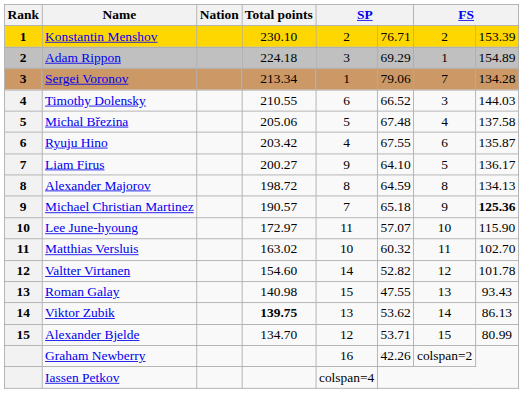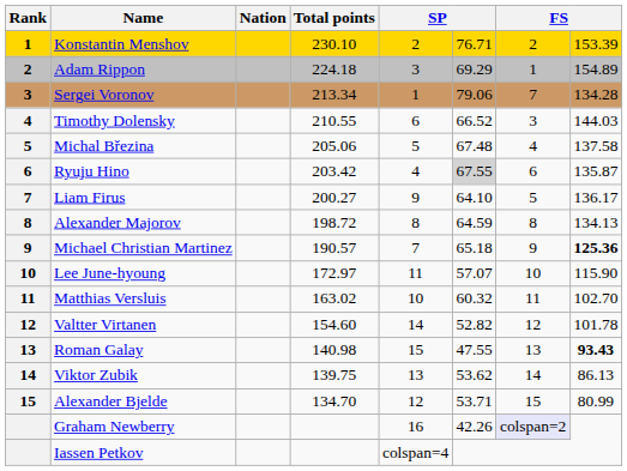 <table class="wikitable sortable">
 <tr>
 <th>Rank</th>
 <th>Name</th>
 <th>Nation</th>
 <th>Total points</th>
 <th colspan="2" width="80px"><a href='#'>SP</a></th>
 <th colspan="2" width="80px"><a href='#'>FS</a></th>
 </tr>
 <tr bgcolor="gold">
 <td align="center"><strong>1</strong></td>
 <td><a href='#'>Konstantin Menshov</a></td>
 <td></td>
 <td align="center">230.10</td>
 <td align="center">2</td>
 <td align="center">76.71</td>
 <td align="center">2</td>
 <td align="center">153.39</td>
 </tr>
 <tr bgcolor="silver">
 <td align="center"><strong>2</strong></td>
 <td><a href='#'>Adam Rippon</a></td>
 <td></td>
 <td align="center">224.18</td>
 <td align="center">3</td>
 <td align="center">69.29</td>
 <td align="center">1</td>
 <td align="center">154.89</td>
 </tr>
 <tr bgcolor="cc9966">
 <td align="center"><strong>3</strong></td>
 <td><a href='#'>Sergei Voronov</a></td>
 <td></td>
 <td align="center">213.34</td>
 <td align="center">1</td>
 <td align="center">79.06</td>
 <td align="center">7</td>
 <td align="center">134.28</td>
 </tr>
 <tr>
 <th>4</th>
 <td><a href='#'>Timothy Dolensky</a></td>
 <td></td>
 <td align="center">210.55</td>
 <td align="center">6</td>
 <td align="center">66.52</td>
 <td align="center">3</td>
 <td align="center">144.03</td>
 </tr>
 <tr>
 <th>5</th>
 <td><a href='#'>Michal Březina</a></td>
 <td></td>
 <td align="center">205.06</td>
 <td align="center">5</td>
 <td align="center">67.48</td>
 <td align="center">4</td>
 <td align="center">137.58</td>
 </tr>
 <tr>
 <th>6</th>
 <td><a href='#'>Ryuju Hino</a></td>
 <td></td>
 <td align="center">203.42</td>
 <td align="center">4</td>
-<td align="center">67.55</td>
+<td align="center" style="background: lightgrey;">67.55</td>
 <td align="center">6</td>
 <td align="center">135.87</td>
 </tr>
 <tr>
 <th>7</th>
 <td><a href='#'>Liam Firus</a></td>
 <td></td>
 <td align="center">200.27</td>
 <td align="center">9</td>
 <td align="center">64.10</td>
 <td align="center">5</td>
 <td align="center">136.17</td>
 </tr>
 <tr>
 <th>8</th>
 <td><a href='#'>Alexander Majorov</a></td>
 <td></td>
 <td align="center">198.72</td>
 <td align="center">8</td>
 <td align="center">64.59</td>
 <td align="center">8</td>
 <td align="center">134.13</td>
 </tr>
 <tr>
 <th>9</th>
 <td><a href='#'>Michael Christian Martinez</a></td>
 <td></td>
 <td align="center">190.57</td>
 <td align="center">7</td>
 <td align="center">65.18</td>
 <td align="center">9</td>
 <td align="center"><strong>125.36</strong></td>
 </tr>
 <tr>
 <th>10</th>
 <td><a href='#'>Lee June-hyoung</a></td>
 <td></td>
 <td align="center">172.97</td>
 <td align="center">11</td>
 <td align="center">57.07</td>
 <td align="center">10</td>
 <td align="center">115.90</td>
 </tr>
 <tr>
 <th>11</th>
 <td><a href='#'>Matthias Versluis</a></td>
 <td></td>
 <td align="center">163.02</td>
 <td align="center">10</td>
 <td align="center">60.32</td>
 <td align="center">11</td>
 <td align="center">102.70</td>
 </tr>
 <tr>
 <th>12</th>
 <td><a href='#'>Valtter Virtanen</a></td>
 <td></td>
 <td align="center">154.60</td>
 <td align="center">14</td>
 <td align="center">52.82</td>
 <td align="center">12</td>
 <td align="center">101.78</td>
 </tr>
 <tr>
 <th>13</th>
 <td><a href='#'>Roman Galay</a></td>
 <td></td>
 <td align="center">140.98</td>
 <td align="center">15</td>
 <td align="center">47.55</td>
 <td align="center">13</td>
-<td align="center">93.43</td>
+<td align="center"><strong>93.43</strong></td>
 </tr>
 <tr>
 <th>14</th>
 <td><a href='#'>Viktor Zubik</a></td>
 <td></td>
-<td align="center"><strong>139.75</strong></td>
+<td align="center">139.75</td>
 <td align="center">13</td>
 <td align="center">53.62</td>
 <td align="center">14</td>
 <td align="center">86.13</td>
 </tr>
 <tr>
 <th>15</th>
 <td><a href='#'>Alexander Bjelde</a></td>
 <td></td>
 <td align="center">134.70</td>
 <td align="center">12</td>
 <td align="center">53.71</td>
 <td align="center">15</td>
 <td align="center">80.99</td>
 </tr>
 <tr>
 <th></th>
 <td><a href='#'>Graham Newberry</a></td>
 <td></td>
 <td></td>
 <td align="center">16</td>
 <td align="center">42.26</td>
-<td>colspan=2 </td>
+<td style="background: lavender;">colspan=2 </td>
 </tr>
 <tr>
 <th></th>
 <td><a href='#'>Iassen Petkov</a></td>
 <td></td>
 <td></td>
 <td>colspan=4 </td>
 </tr>
 </table>
